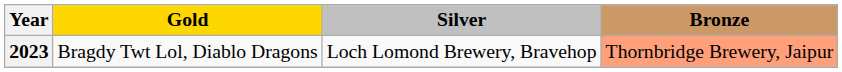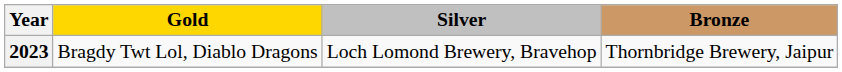 <table class="wikitable">
 <tr>
 <th>Year</th>
 <th style="background:gold;"><strong>Gold</strong></th>
 <th style="background:silver;"><strong>Silver</strong></th>
 <th style="background:#c96;"><strong>Bronze</strong></th>
 </tr>
 <tr>
 <th>2023</th>
 <td>Bragdy Twt Lol, Diablo Dragons </td>
 <td>Loch Lomond Brewery, Bravehop</td>
-<td style="background: lightsalmon;">Thornbridge Brewery, Jaipur</td>
+<td>Thornbridge Brewery, Jaipur</td>
 </tr>
 <tr>
 </tr>
 </table>
